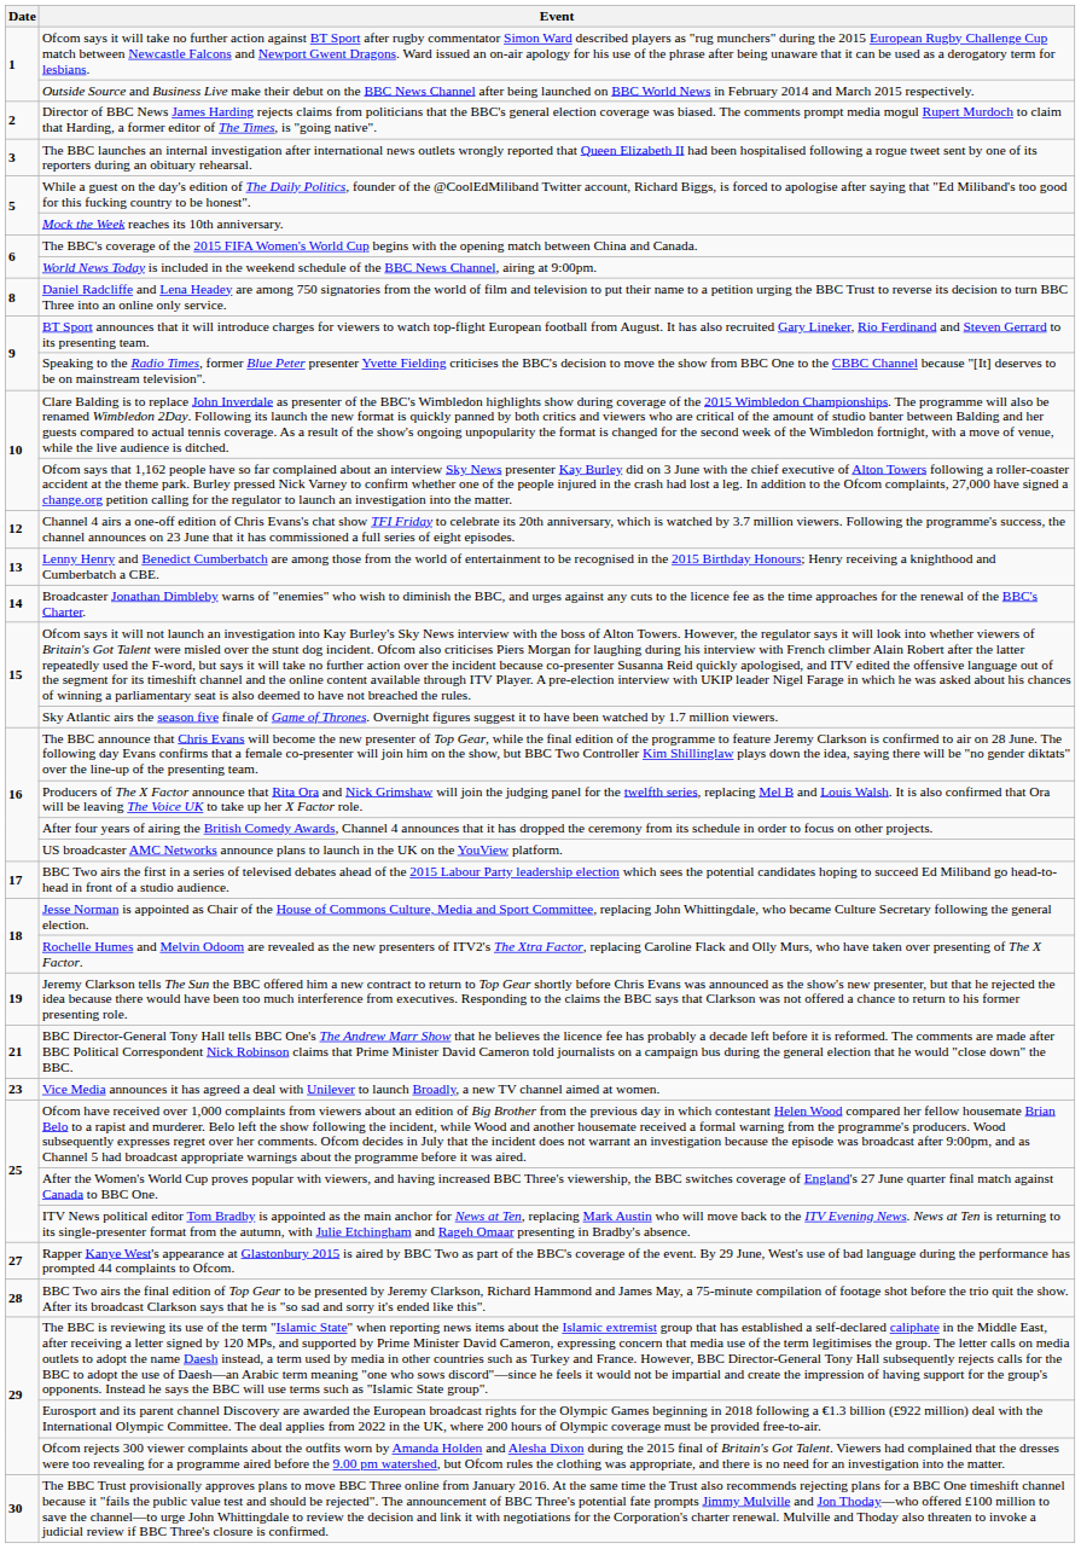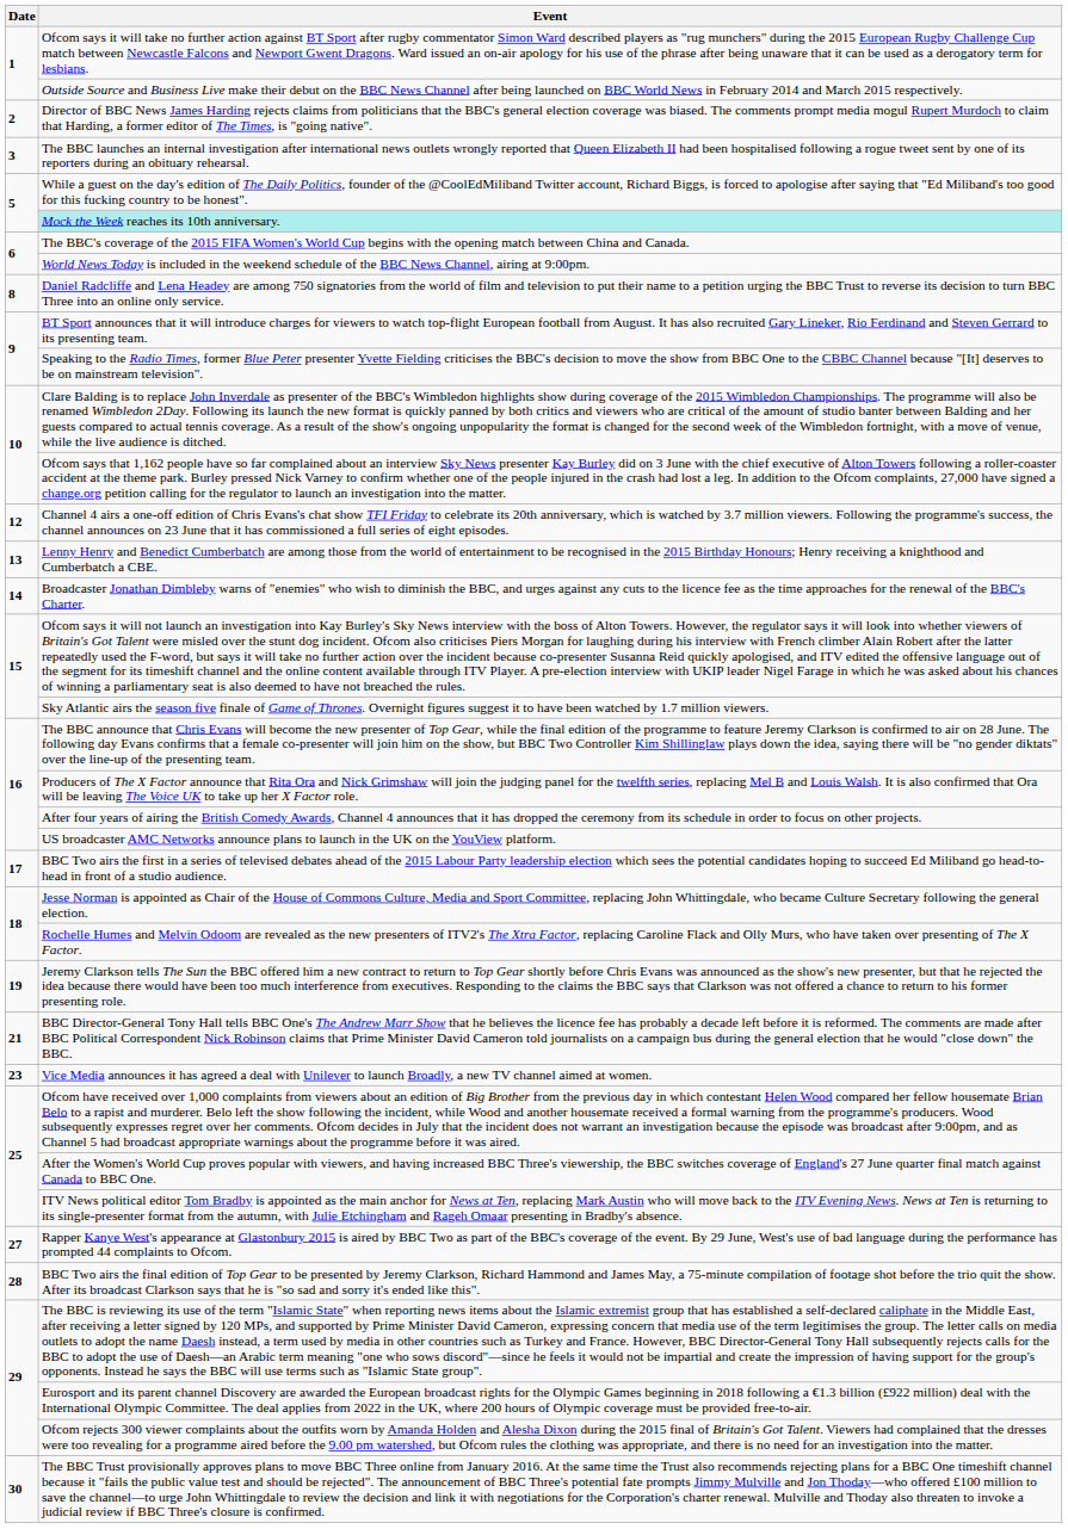 <table class="wikitable">
 <tr>
 <th>Date</th>
 <th>Event</th>
 </tr>
 <tr>
 <td rowspan="2"><strong>1</strong></td>
 <td>Ofcom says it will take no further action against <a href='#'>BT Sport</a> after rugby commentator <a href='#'>Simon Ward</a> described players as "rug munchers" during the 2015 <a href='#'>European Rugby Challenge Cup</a> match between <a href='#'>Newcastle Falcons</a> and <a href='#'>Newport Gwent Dragons</a>. Ward issued an on-air apology for his use of the phrase after being unaware that it can be used as a derogatory term for <a href='#'>lesbians</a>.</td>
 </tr>
 <tr>
 <td><em>Outside Source</em> and <em>Business Live</em> make their debut on the <a href='#'>BBC News Channel</a> after being launched on <a href='#'>BBC World News</a> in February 2014 and March 2015 respectively.</td>
 </tr>
 <tr>
 <td><strong>2</strong></td>
 <td>Director of BBC News <a href='#'>James Harding</a> rejects claims from politicians that the BBC's general election coverage was biased. The comments prompt media mogul <a href='#'>Rupert Murdoch</a> to claim that Harding, a former editor of <em><a href='#'>The Times</a></em>, is "going native".</td>
 </tr>
 <tr>
 <td><strong>3</strong></td>
 <td>The BBC launches an internal investigation after international news outlets wrongly reported that <a href='#'>Queen Elizabeth II</a> had been hospitalised following a rogue tweet sent by one of its reporters during an obituary rehearsal.</td>
 </tr>
 <tr>
 <td rowspan="2"><strong>5</strong></td>
 <td>While a guest on the day's edition of <em><a href='#'>The Daily Politics</a></em>, founder of the @CoolEdMiliband Twitter account, Richard Biggs, is forced to apologise after saying that "Ed Miliband's too good for this fucking country to be honest".</td>
 </tr>
 <tr>
-<td><em><a href='#'>Mock the Week</a></em> reaches its 10th anniversary.</td>
+<td style="background: paleturquoise;"><em><a href='#'>Mock the Week</a></em> reaches its 10th anniversary.</td>
 </tr>
 <tr>
 <td rowspan="2"><strong>6</strong></td>
 <td>The BBC's coverage of the <a href='#'>2015 FIFA Women's World Cup</a> begins with the opening match between China and Canada.</td>
 </tr>
 <tr>
 <td><em><a href='#'>World News Today</a></em> is included in the weekend schedule of the <a href='#'>BBC News Channel</a>, airing at 9:00pm.</td>
 </tr>
 <tr>
 <td><strong>8</strong></td>
 <td><a href='#'>Daniel Radcliffe</a> and <a href='#'>Lena Headey</a> are among 750 signatories from the world of film and television to put their name to a petition urging the BBC Trust to reverse its decision to turn BBC Three into an online only service.</td>
 </tr>
 <tr>
 <td rowspan=2><strong>9</strong></td>
 <td><a href='#'>BT Sport</a> announces that it will introduce charges for viewers to watch top-flight European football from August. It has also recruited <a href='#'>Gary Lineker</a>, <a href='#'>Rio Ferdinand</a> and <a href='#'>Steven Gerrard</a> to its presenting team.</td>
 </tr>
 <tr>
 <td>Speaking to the <em><a href='#'>Radio Times</a></em>, former <em><a href='#'>Blue Peter</a></em> presenter <a href='#'>Yvette Fielding</a> criticises the BBC's decision to move the show from BBC One to the <a href='#'>CBBC Channel</a> because "[It] deserves to be on mainstream television".</td>
 </tr>
 <tr>
 <td rowspan=2><strong>10</strong></td>
 <td>Clare Balding is to replace <a href='#'>John Inverdale</a> as presenter of the BBC's Wimbledon highlights show during coverage of the <a href='#'>2015 Wimbledon Championships</a>. The programme will also be renamed <em>Wimbledon 2Day</em>. Following its launch the new format is quickly panned by both critics and viewers who are critical of the amount of studio banter between Balding and her guests compared to actual tennis coverage. As a result of the show's ongoing unpopularity the format is changed for the second week of the Wimbledon fortnight, with a move of venue, while the live audience is ditched.</td>
 </tr>
 <tr>
 <td>Ofcom says that 1,162 people have so far complained about an interview <a href='#'>Sky News</a> presenter <a href='#'>Kay Burley</a> did on 3 June with the chief executive of <a href='#'>Alton Towers</a> following a roller-coaster accident at the theme park. Burley pressed Nick Varney to confirm whether one of the people injured in the crash had lost a leg. In addition to the Ofcom complaints, 27,000 have signed a <a href='#'>change.org</a> petition calling for the regulator to launch an investigation into the matter.</td>
 </tr>
 <tr>
 <td><strong>12</strong></td>
 <td>Channel 4 airs a one-off edition of Chris Evans's chat show <em><a href='#'>TFI Friday</a></em> to celebrate its 20th anniversary, which is watched by 3.7 million viewers. Following the programme's success, the channel announces on 23 June that it has commissioned a full series of eight episodes.</td>
 </tr>
 <tr>
 <td><strong>13</strong></td>
 <td><a href='#'>Lenny Henry</a> and <a href='#'>Benedict Cumberbatch</a> are among those from the world of entertainment to be recognised in the <a href='#'>2015 Birthday Honours</a>; Henry receiving a knighthood and Cumberbatch a CBE.</td>
 </tr>
 <tr>
 <td><strong>14</strong></td>
 <td>Broadcaster <a href='#'>Jonathan Dimbleby</a> warns of "enemies" who wish to diminish the BBC, and urges against any cuts to the licence fee as the time approaches for the renewal of the <a href='#'>BBC's Charter</a>.</td>
 </tr>
 <tr>
 <td rowspan=2><strong>15</strong></td>
 <td>Ofcom says it will not launch an investigation into Kay Burley's Sky News interview with the boss of Alton Towers. However, the regulator says it will look into whether viewers of <em>Britain's Got Talent</em> were misled over the stunt dog incident. Ofcom also criticises Piers Morgan for laughing during his interview with French climber Alain Robert after the latter repeatedly used the F-word, but says it will take no further action over the incident because co-presenter Susanna Reid quickly apologised, and ITV edited the offensive language out of the segment for its timeshift channel and the online content available through ITV Player. A pre-election interview with UKIP leader Nigel Farage in which he was asked about his chances of winning a parliamentary seat is also deemed to have not breached the rules.</td>
 </tr>
 <tr>
 <td>Sky Atlantic airs the <a href='#'>season five</a> finale of <em><a href='#'>Game of Thrones</a></em>. Overnight figures suggest it to have been watched by 1.7 million viewers.</td>
 </tr>
 <tr>
 <td rowspan=4><strong>16</strong></td>
 <td>The BBC announce that <a href='#'>Chris Evans</a> will become the new presenter of <em>Top Gear</em>, while the final edition of the programme to feature Jeremy Clarkson is confirmed to air on 28 June. The following day Evans confirms that a female co-presenter will join him on the show, but BBC Two Controller <a href='#'>Kim Shillinglaw</a> plays down the idea, saying there will be "no gender diktats" over the line-up of the presenting team.</td>
 </tr>
 <tr>
 <td>Producers of <em>The X Factor</em> announce that <a href='#'>Rita Ora</a> and <a href='#'>Nick Grimshaw</a> will join the judging panel for the <a href='#'>twelfth series</a>, replacing <a href='#'>Mel B</a> and <a href='#'>Louis Walsh</a>. It is also confirmed that Ora will be leaving <em><a href='#'>The Voice UK</a></em> to take up her <em>X Factor</em> role.</td>
 </tr>
 <tr>
 <td>After four years of airing the <a href='#'>British Comedy Awards</a>, Channel 4 announces that it has dropped the ceremony from its schedule in order to focus on other projects.</td>
 </tr>
 <tr>
 <td>US broadcaster <a href='#'>AMC Networks</a> announce plans to launch in the UK on the <a href='#'>YouView</a> platform.</td>
 </tr>
 <tr>
 <td><strong>17</strong></td>
 <td>BBC Two airs the first in a series of televised debates ahead of the <a href='#'>2015 Labour Party leadership election</a> which sees the potential candidates hoping to succeed Ed Miliband go head-to-head in front of a studio audience.</td>
 </tr>
 <tr>
 <td rowspan="2"><strong>18</strong></td>
 <td><a href='#'>Jesse Norman</a> is appointed as Chair of the <a href='#'>House of Commons Culture, Media and Sport Committee</a>, replacing John Whittingdale, who became Culture Secretary following the general election.</td>
 </tr>
 <tr>
 <td><a href='#'>Rochelle Humes</a> and <a href='#'>Melvin Odoom</a> are revealed as the new presenters of ITV2's <em><a href='#'>The Xtra Factor</a></em>, replacing Caroline Flack and Olly Murs, who have taken over presenting of <em>The X Factor</em>.</td>
 </tr>
 <tr>
 <td><strong>19</strong></td>
 <td>Jeremy Clarkson tells <em>The Sun</em> the BBC offered him a new contract to return to <em>Top Gear</em> shortly before Chris Evans was announced as the show's new presenter, but that he rejected the idea because there would have been too much interference from executives. Responding to the claims the BBC says that Clarkson was not offered a chance to return to his former presenting role.</td>
 </tr>
 <tr>
 <td><strong>21</strong></td>
 <td>BBC Director-General Tony Hall tells BBC One's <em><a href='#'>The Andrew Marr Show</a></em> that he believes the licence fee has probably a decade left before it is reformed. The comments are made after BBC Political Correspondent <a href='#'>Nick Robinson</a> claims that Prime Minister David Cameron told journalists on a campaign bus during the general election that he would "close down" the BBC.</td>
 </tr>
 <tr>
 <td><strong>23</strong></td>
 <td><a href='#'>Vice Media</a> announces it has agreed a deal with <a href='#'>Unilever</a> to launch <a href='#'>Broadly</a>, a new TV channel aimed at women.</td>
 </tr>
 <tr>
 <td rowspan=3><strong>25</strong></td>
 <td>Ofcom have received over 1,000 complaints from viewers about an edition of <em>Big Brother</em> from the previous day in which contestant <a href='#'>Helen Wood</a> compared her fellow housemate <a href='#'>Brian Belo</a> to a rapist and murderer. Belo left the show following the incident, while Wood and another housemate received a formal warning from the programme's producers. Wood subsequently expresses regret over her comments. Ofcom decides in July that the incident does not warrant an investigation because the episode was broadcast after 9:00pm, and as Channel 5 had broadcast appropriate warnings about the programme before it was aired.</td>
 </tr>
 <tr>
 <td>After the Women's World Cup proves popular with viewers, and having increased BBC Three's viewership, the BBC switches coverage of <a href='#'>England</a>'s 27 June quarter final match against <a href='#'>Canada</a> to BBC One.</td>
 </tr>
 <tr>
 <td>ITV News political editor <a href='#'>Tom Bradby</a> is appointed as the main anchor for <em><a href='#'>News at Ten</a></em>, replacing <a href='#'>Mark Austin</a> who will move back to the <em><a href='#'>ITV Evening News</a></em>. <em>News at Ten</em> is returning to its single-presenter format from the autumn, with <a href='#'>Julie Etchingham</a> and <a href='#'>Rageh Omaar</a> presenting in Bradby's absence.</td>
 </tr>
 <tr>
 <td><strong>27</strong></td>
 <td>Rapper <a href='#'>Kanye West</a>'s appearance at <a href='#'>Glastonbury 2015</a> is aired by BBC Two as part of the BBC's coverage of the event. By 29 June, West's use of bad language during the performance has prompted 44 complaints to Ofcom.</td>
 </tr>
 <tr>
 <td><strong>28</strong></td>
 <td>BBC Two airs the final edition of <em>Top Gear</em> to be presented by Jeremy Clarkson, Richard Hammond and James May, a 75-minute compilation of footage shot before the trio quit the show. After its broadcast Clarkson says that he is "so sad and sorry it's ended like this".</td>
 </tr>
 <tr>
 <td rowspan=3><strong>29</strong></td>
 <td>The BBC is reviewing its use of the term "<a href='#'>Islamic State</a>" when reporting news items about the <a href='#'>Islamic extremist</a> group that has established a self-declared <a href='#'>caliphate</a> in the Middle East, after receiving a letter signed by 120 MPs, and supported by Prime Minister David Cameron, expressing concern that media use of the term legitimises the group. The letter calls on media outlets to adopt the name <a href='#'>Daesh</a> instead, a term used by media in other countries such as Turkey and France. However, BBC Director-General Tony Hall subsequently rejects calls for the BBC to adopt the use of Daesh—an Arabic term meaning "one who sows discord"—since he feels it would not be impartial and create the impression of having support for the group's opponents. Instead he says the BBC will use terms such as "Islamic State group".</td>
 </tr>
 <tr>
 <td>Eurosport and its parent channel Discovery are awarded the European broadcast rights for the Olympic Games beginning in 2018 following a €1.3 billion (£922 million) deal with the International Olympic Committee. The deal applies from 2022 in the UK, where 200 hours of Olympic coverage must be provided free-to-air.</td>
 </tr>
 <tr>
 <td>Ofcom rejects 300 viewer complaints about the outfits worn by <a href='#'>Amanda Holden</a> and <a href='#'>Alesha Dixon</a> during the 2015 final of <em>Britain's Got Talent</em>. Viewers had complained that the dresses were too revealing for a programme aired before the <a href='#'>9.00 pm watershed</a>, but Ofcom rules the clothing was appropriate, and there is no need for an investigation into the matter.</td>
 </tr>
 <tr>
 <td><strong>30</strong></td>
 <td>The BBC Trust provisionally approves plans to move BBC Three online from January 2016. At the same time the Trust also recommends rejecting plans for a BBC One timeshift channel because it "fails the public value test and should be rejected". The announcement of BBC Three's potential fate prompts <a href='#'>Jimmy Mulville</a> and <a href='#'>Jon Thoday</a>—who offered £100 million to save the channel—to urge John Whittingdale to review the decision and link it with negotiations for the Corporation's charter renewal. Mulville and Thoday also threaten to invoke a judicial review if BBC Three's closure is confirmed.</td>
 </tr>
 </table>
